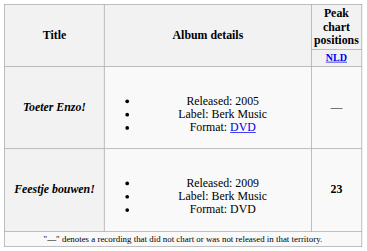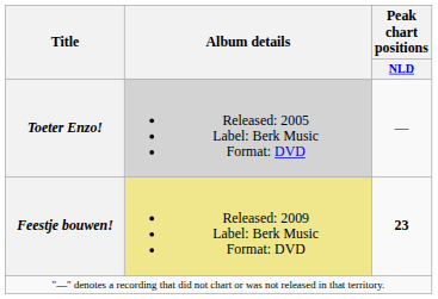 <table class="wikitable plainrowheaders" style="text-align:center;">
 <tr>
 <th scope="col" rowspan="2" style="width:8em;">Title</th>
 <th scope="col" rowspan="2" style="width:17em;">Album details</th>
 <th scope="col">Peak chart positions</th>
 </tr>
 <tr>
 <th style="width:2.5em; font-size:85%"><a href='#'>NLD</a><br></th>
 </tr>
 <tr>
 <th scope="row"><em>Toeter Enzo!</em></th>
-<td><br><ul><li>Released: 2005</li><li>Label: Berk Music</li><li>Format: <a href='#'>DVD</a></li></ul></td>
+<td style="background: lightgrey;"><br><ul><li>Released: 2005</li><li>Label: Berk Music</li><li>Format: <a href='#'>DVD</a></li></ul></td>
 <td>—</td>
 </tr>
 <tr>
 <th scope="row"><em>Feestje bouwen!</em></th>
-<td><br><ul><li>Released: 2009</li><li>Label: Berk Music</li><li>Format: DVD</li></ul></td>
+<td style="background: khaki;"><br><ul><li>Released: 2009</li><li>Label: Berk Music</li><li>Format: DVD</li></ul></td>
 <td><strong>23</strong></td>
 </tr>
 <tr>
 <td colspan="4" style="font-size:9pt">"—" denotes a recording that did not chart or was not released in that territory.</td>
 </tr>
 </table>
